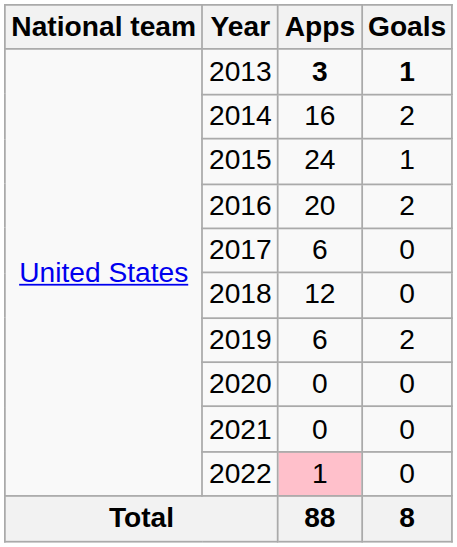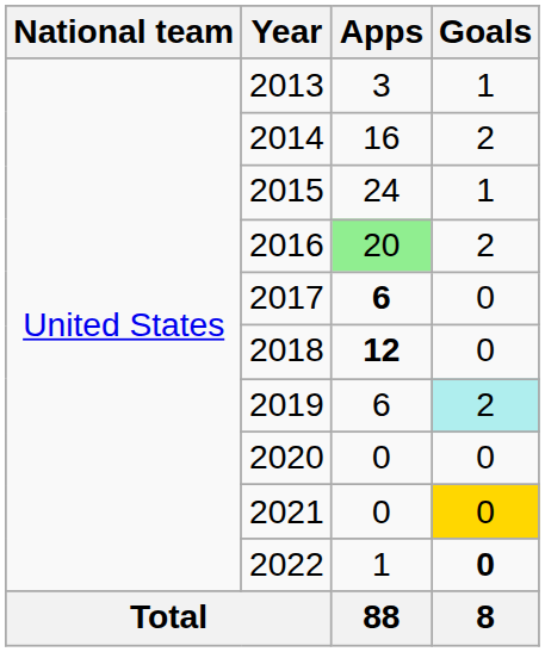 <table class="wikitable" style="text-align:center">
 <tr>
 <th>National team</th>
 <th>Year</th>
 <th>Apps</th>
 <th>Goals</th>
 </tr>
 <tr>
 <td rowspan="10"><a href='#'>United States</a></td>
 <td>2013</td>
-<td><strong>3</strong></td>
-<td><strong>1</strong></td>
+<td>3</td>
+<td>1</td>
 </tr>
 <tr>
 <td>2014</td>
 <td>16</td>
 <td>2</td>
 </tr>
 <tr>
 <td>2015</td>
 <td>24</td>
 <td>1</td>
 </tr>
 <tr>
 <td>2016</td>
-<td>20</td>
+<td style="background: lightgreen;">20</td>
 <td>2</td>
 </tr>
 <tr>
 <td>2017</td>
-<td>6</td>
+<td><strong>6</strong></td>
 <td>0</td>
 </tr>
 <tr>
 <td>2018</td>
-<td>12</td>
+<td><strong>12</strong></td>
 <td>0</td>
 </tr>
 <tr>
 <td>2019</td>
 <td>6</td>
-<td>2</td>
+<td style="background: paleturquoise;">2</td>
 </tr>
 <tr>
 <td>2020</td>
 <td>0</td>
 <td>0</td>
 </tr>
 <tr>
 <td>2021</td>
 <td>0</td>
-<td>0</td>
+<td style="background: gold;">0</td>
 </tr>
 <tr>
 <td>2022</td>
-<td style="background: pink;">1</td>
-<td>0</td>
+<td>1</td>
+<td><strong>0</strong></td>
 </tr>
 <tr>
 <th colspan="2">Total</th>
 <th>88</th>
 <th>8</th>
 </tr>
 </table>
